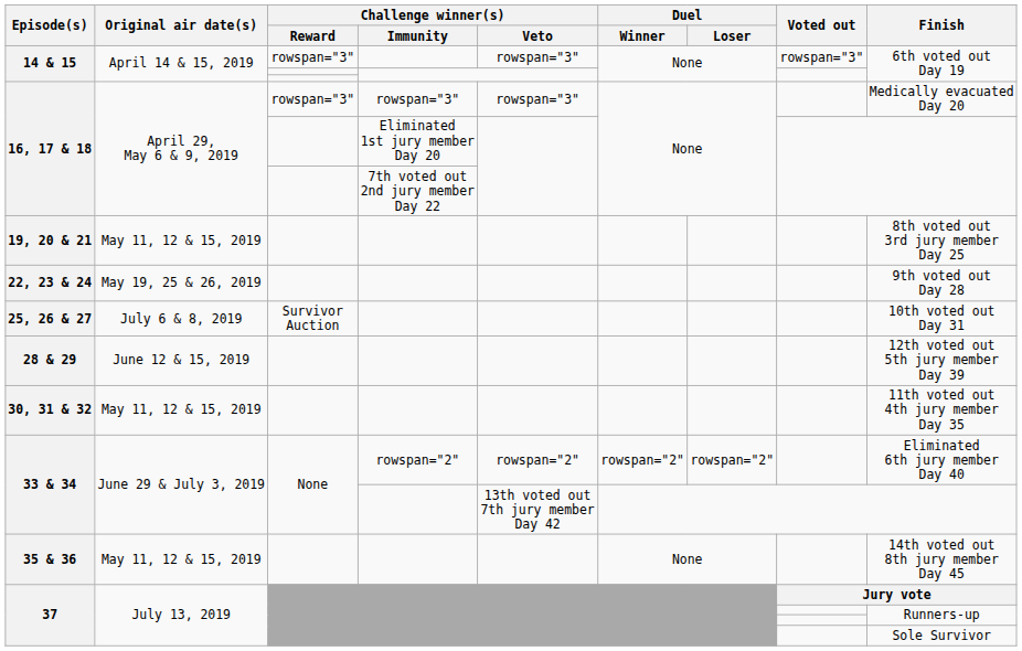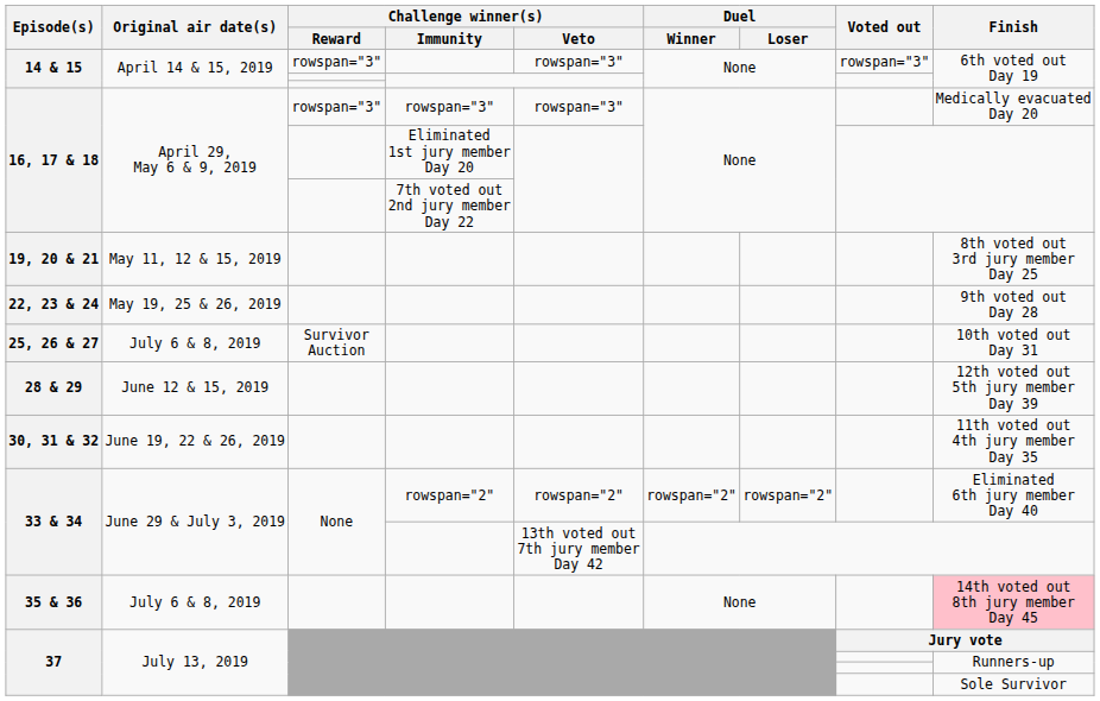 <table class="wikitable plainrowheaders nowrap" style="margin:auto; text-align:center">
 <tr>
 <th scope="col" rowspan="2">Episode(s)</th>
 <th scope="col" rowspan="2">Original air date(s)</th>
 <th scope="col" colspan="3">Challenge winner(s)</th>
 <th scope="col" colspan="2">Duel</th>
 <th scope="col" rowspan="2">Voted out</th>
 <th scope="col" rowspan="2">Finish</th>
 </tr>
 <tr>
 <th scope="col">Reward</th>
 <th scope="col">Immunity</th>
 <th scope="col">Veto</th>
 <th scope="col">Winner</th>
 <th scope="col">Loser</th>
 </tr>
 <tr>
 <th rowspan="3">14 & 15</th>
 <td rowspan="3">April 14 & 15, 2019</td>
 <td>rowspan="3" </td>
 <td></td>
 <td>rowspan="3" </td>
 <td colspan="2" rowspan="3">None</td>
 <td>rowspan="3" </td>
 <td rowspan="3">6th voted out<br>Day 19</td>
 </tr>
 <tr>
 <td></td>
 </tr>
 <tr>
 <td></td>
 </tr>
 <tr>
 <th rowspan="3">16, 17 & 18</th>
 <td rowspan="3">April 29,<br>May 6 & 9, 2019</td>
 <td>rowspan="3" </td>
 <td>rowspan="3" </td>
 <td>rowspan="3" </td>
 <td rowspan="3" colspan="2">None</td>
 <td></td>
 <td>Medically evacuated<br>Day 20</td>
 </tr>
 <tr>
 <td></td>
 <td>Eliminated<br>1st jury member<br>Day 20</td>
 </tr>
 <tr>
 <td></td>
 <td>7th voted out<br>2nd jury member<br>Day 22</td>
 </tr>
 <tr>
 <th>19, 20 & 21</th>
 <td>May 11, 12 & 15, 2019</td>
 <td></td>
 <td></td>
 <td></td>
 <td></td>
 <td></td>
 <td></td>
 <td>8th voted out<br>3rd jury member<br>Day 25</td>
 </tr>
 <tr>
 <th>22, 23 & 24</th>
 <td>May 19, 25 & 26, 2019</td>
 <td></td>
 <td></td>
 <td></td>
 <td></td>
 <td></td>
 <td></td>
 <td>9th voted out<br>Day 28</td>
 </tr>
 <tr>
 <th>25, 26 & 27</th>
 <td>July 6 & 8, 2019</td>
 <td>Survivor<br>Auction</td>
 <td></td>
 <td></td>
 <td></td>
 <td></td>
 <td></td>
 <td>10th voted out<br>Day 31</td>
 </tr>
 <tr>
 <th>28 & 29</th>
 <td>June 12 & 15, 2019</td>
 <td></td>
 <td></td>
 <td></td>
 <td></td>
 <td></td>
 <td></td>
 <td>12th voted out<br>5th jury member<br>Day 39</td>
 </tr>
 <tr>
 <th>30, 31 & 32</th>
-<td>May 11, 12 & 15, 2019</td>
+<td>June 19, 22 & 26, 2019</td>
 <td></td>
 <td></td>
 <td></td>
 <td></td>
 <td></td>
 <td></td>
 <td>11th voted out<br>4th jury member<br>Day 35</td>
 </tr>
 <tr>
 <th rowspan="2">33 & 34</th>
 <td rowspan="2">June 29 & July 3, 2019</td>
 <td rowspan="2">None</td>
 <td>rowspan="2" </td>
 <td>rowspan="2" </td>
 <td>rowspan="2" </td>
 <td>rowspan="2" </td>
 <td></td>
 <td>Eliminated<br>6th jury member<br>Day 40</td>
 </tr>
 <tr>
 <td></td>
 <td>13th voted out<br>7th jury member<br>Day 42</td>
 </tr>
 <tr>
 <th>35 & 36</th>
-<td>May 11, 12 & 15, 2019</td>
+<td>July 6 & 8, 2019</td>
 <td></td>
 <td></td>
 <td></td>
 <td colspan="2">None</td>
 <td></td>
-<td>14th voted out<br>8th jury member<br>Day 45</td>
+<td style="background: pink;">14th voted out<br>8th jury member<br>Day 45</td>
 </tr>
 <tr>
 <th rowspan="4">37</th>
 <td rowspan="4">July 13, 2019</td>
 <td rowspan="4" colspan="5" bgcolor="darkgray"></td>
 <th colspan="2">Jury vote</th>
 </tr>
 <tr>
 <td></td>
 <td rowspan="2">Runners-up</td>
 </tr>
 <tr>
 <td></td>
 </tr>
 <tr>
 <td></td>
 <td>Sole Survivor</td>
 </tr>
 </table>
